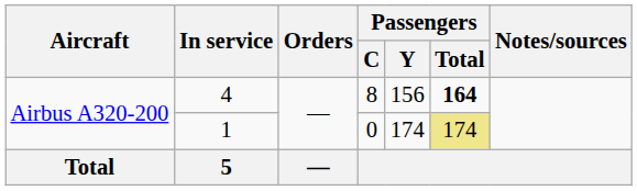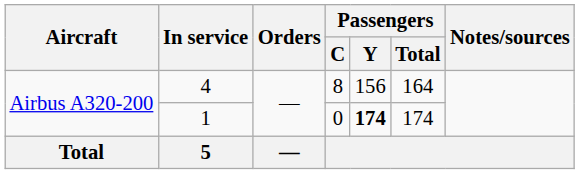 <table class="wikitable" style="margin:1em auto; border-collapse:collapse; text-align:center">
 <tr>
 <th rowspan="2">Aircraft</th>
 <th rowspan="2">In service</th>
 <th rowspan="2">Orders</th>
 <th colspan="3">Passengers</th>
 <th rowspan="2">Notes/sources</th>
 </tr>
 <tr>
 <th><abbr>C</abbr></th>
 <th><abbr>Y</abbr></th>
 <th>Total</th>
 </tr>
 <tr>
 <td rowspan="2"><a href='#'>Airbus A320-200</a></td>
 <td>4</td>
 <td rowspan="2">—</td>
 <td>8</td>
 <td>156</td>
-<td><strong>164</strong></td>
+<td>164</td>
 <td rowspan="2"></td>
 </tr>
 <tr>
 <td>1</td>
 <td>0</td>
+<td><strong>174</strong></td>
 <td>174</td>
-<td style="background: khaki;">174</td>
 </tr>
 <tr>
 <th>Total</th>
 <th>5</th>
 <th>—</th>
 <th colspan="4"></th>
 </tr>
 </table>
